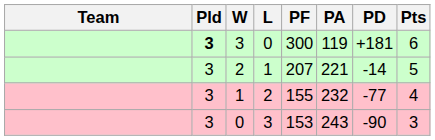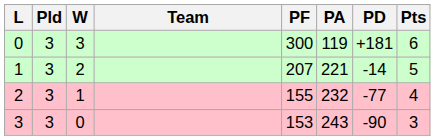 <table class="wikitable" style="text-align:center;">
 <tr>
-<th width=175>Team</th>
+<th width=20  abbr="Lost">L</th>
 <th width=20  abbr="Played">Pld</th>
 <th width=20  abbr="Won">W</th>
-<th width=20  abbr="Lost">L</th>
+<th width=175>Team</th>
 <th width=20  abbr="Points">PF</th>
 <th width=20  abbr="Points Against">PA</th>
 <th width=25  abbr="Points Difference">PD</th>
 <th width=20  abbr="Points">Pts</th>
 </tr>
 <tr bgcolor="ccffcc">
+<td>0</td>
+<td>3</td>
+<td>3</td>
 <td style="text-align:left"></td>
-<td><strong>3</strong></td>
-<td>3</td>
-<td>0</td>
 <td>300</td>
 <td>119</td>
 <td>+181</td>
 <td>6</td>
 </tr>
 <tr bgcolor="ccffcc">
-<td style="text-align:left"></td>
+<td>1</td>
 <td>3</td>
 <td>2</td>
-<td>1</td>
+<td style="text-align:left"></td>
 <td>207</td>
 <td>221</td>
 <td>-14</td>
 <td>5</td>
 </tr>
 <tr bgcolor="pink">
-<td style="text-align:left"></td>
+<td>2</td>
 <td>3</td>
 <td>1</td>
-<td>2</td>
+<td style="text-align:left"></td>
 <td>155</td>
 <td>232</td>
 <td>-77</td>
 <td>4</td>
 </tr>
 <tr bgcolor="pink">
-<td style="text-align:left"></td>
+<td>3</td>
 <td>3</td>
 <td>0</td>
-<td>3</td>
+<td style="text-align:left"></td>
 <td>153</td>
 <td>243</td>
 <td>-90</td>
 <td>3</td>
 </tr>
 </table>
